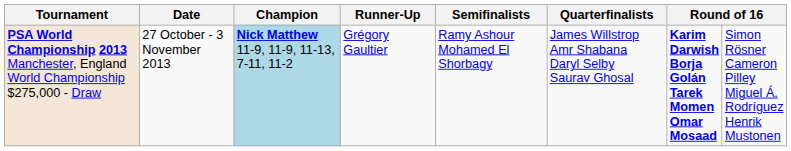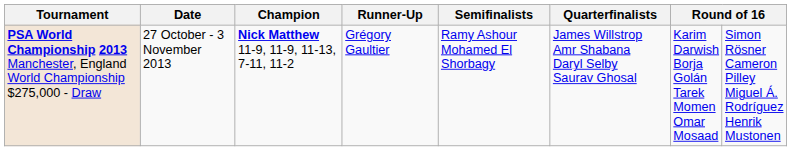 <table class="wikitable" style="font-size:88%">
 <tr>
 <th width=200>Tournament</th>
 <th width=140>Date</th>
 <th width=165>Champion</th>
 <th width=155>Runner-Up</th>
 <th width=155>Semifinalists</th>
 <th width=155>Quarterfinalists</th>
 <th colspan=2>Round of 16</th>
 </tr>
 <tr valign=top>
 <td style="background:#F3E6D7;"><strong><a href='#'>PSA World Championship</a> <a href='#'>2013</a></strong><br> <a href='#'>Manchester</a>, England<br><a href='#'>World Championship</a><br>$275,000 - <a href='#'>Draw</a></td>
 <td>27 October - 3 November 2013</td>
-<td style="background: lightblue;"> <strong><a href='#'>Nick Matthew</a></strong><br>11-9, 11-9, 11-13, 7-11, 11-2</td>
+<td> <strong><a href='#'>Nick Matthew</a></strong><br>11-9, 11-9, 11-13, 7-11, 11-2</td>
 <td> <a href='#'>Grégory Gaultier</a></td>
 <td> <a href='#'>Ramy Ashour</a><br> <a href='#'>Mohamed El Shorbagy</a></td>
 <td> <a href='#'>James Willstrop</a><br> <a href='#'>Amr Shabana</a><br> <a href='#'>Daryl Selby</a><br> <a href='#'>Saurav Ghosal</a></td>
-<td><strong> <a href='#'>Karim Darwish</a><br> <a href='#'>Borja Golán</a><br> <a href='#'>Tarek Momen</a><br> <a href='#'>Omar Mosaad</a></strong></td>
+<td> <a href='#'>Karim Darwish</a><br> <a href='#'>Borja Golán</a><br> <a href='#'>Tarek Momen</a><br> <a href='#'>Omar Mosaad</a></td>
 <td> <a href='#'>Simon Rösner</a><br> <a href='#'>Cameron Pilley</a><br> <a href='#'>Miguel Á. Rodríguez</a><br> <a href='#'>Henrik Mustonen</a></td>
 </tr>
 </table>
